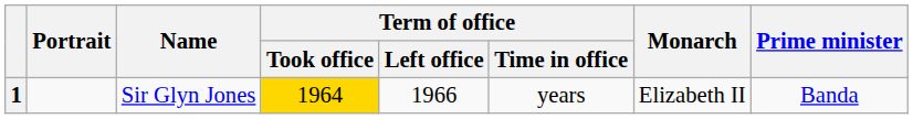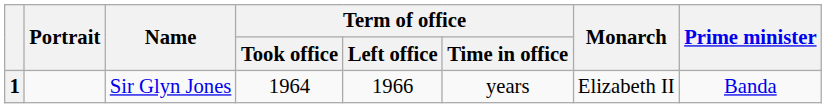 <table class="wikitable" style="text-align:center">
 <tr>
 <th rowspan="2"></th>
 <th rowspan="2">Portrait</th>
 <th rowspan="2">Name<br></th>
 <th colspan="3">Term of office</th>
 <th rowspan="2">Monarch</th>
 <th rowspan="2"><a href='#'>Prime minister</a></th>
 </tr>
 <tr>
 <th>Took office</th>
 <th>Left office</th>
 <th>Time in office</th>
 </tr>
 <tr>
 <th>1</th>
 <td></td>
 <td><a href='#'>Sir Glyn Jones</a><br></td>
-<td style="background: gold;"> 1964</td>
+<td> 1964</td>
 <td> 1966</td>
 <td> years</td>
 <td>Elizabeth II</td>
 <td><a href='#'>Banda</a></td>
 </tr>
 </table>
